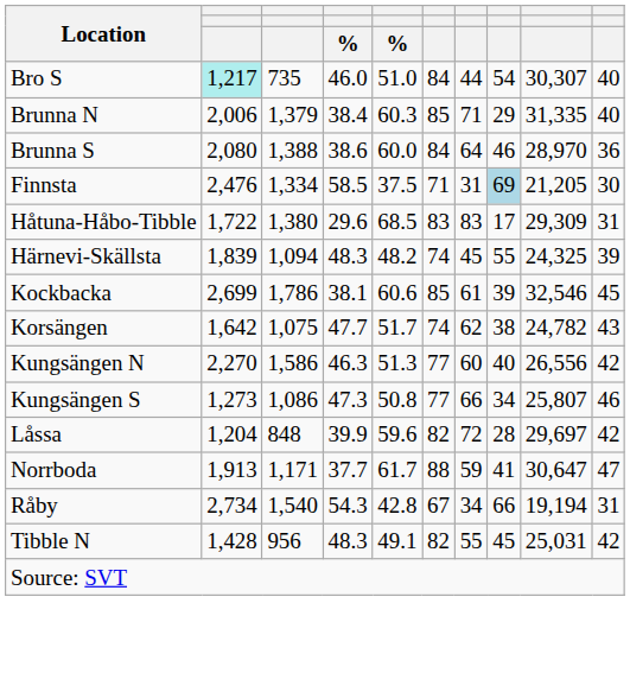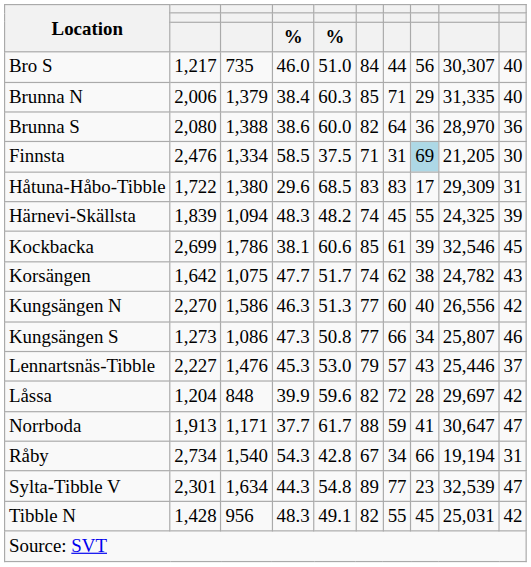 <table role="presentation" class="wikitable sortable mw-collapsible">
 <tr>
 <th rowspan="3">Location</th>
 <th></th>
 <th></th>
 <th></th>
 <th></th>
 <th></th>
 <th></th>
 <th></th>
 <th></th>
 <th></th>
 </tr>
 <tr>
 <th></th>
 <th></th>
 <th style="background:"></th>
 <th style="background:"></th>
 <th></th>
 <th></th>
 <th></th>
 <th></th>
 <th></th>
 </tr>
 <tr>
 <th data-sort-type="number"></th>
 <th data-sort-type="number"></th>
 <th data-sort-type="number">%</th>
 <th data-sort-type="number">%</th>
 <th data-sort-type="number"></th>
 <th data-sort-type="number"></th>
 <th data-sort-type="number"></th>
 <th data-sort-type="number"></th>
 <th data-sort-type="number"></th>
 </tr>
 <tr>
 <td align="left">Bro S</td>
-<td style="background: paleturquoise;">1,217</td>
+<td>1,217</td>
 <td>735</td>
 <td>46.0</td>
 <td>51.0</td>
 <td>84</td>
 <td>44</td>
-<td>54</td>
+<td>56</td>
 <td>30,307</td>
 <td>40</td>
 </tr>
 <tr>
 <td align="left">Brunna N</td>
 <td>2,006</td>
 <td>1,379</td>
 <td>38.4</td>
 <td>60.3</td>
 <td>85</td>
 <td>71</td>
 <td>29</td>
 <td>31,335</td>
 <td>40</td>
 </tr>
 <tr>
 <td align="left">Brunna S</td>
 <td>2,080</td>
 <td>1,388</td>
 <td>38.6</td>
 <td>60.0</td>
-<td>84</td>
+<td>82</td>
 <td>64</td>
-<td>46</td>
+<td>36</td>
 <td>28,970</td>
 <td>36</td>
 </tr>
 <tr>
 <td align="left">Finnsta</td>
 <td>2,476</td>
 <td>1,334</td>
 <td>58.5</td>
 <td>37.5</td>
 <td>71</td>
 <td>31</td>
 <td style="background: lightblue;">69</td>
 <td>21,205</td>
 <td>30</td>
 </tr>
 <tr>
 <td align="left">Håtuna-Håbo-Tibble</td>
 <td>1,722</td>
 <td>1,380</td>
 <td>29.6</td>
 <td>68.5</td>
 <td>83</td>
 <td>83</td>
 <td>17</td>
 <td>29,309</td>
 <td>31</td>
 </tr>
 <tr>
 <td align="left">Härnevi-Skällsta</td>
 <td>1,839</td>
 <td>1,094</td>
 <td>48.3</td>
 <td>48.2</td>
 <td>74</td>
 <td>45</td>
 <td>55</td>
 <td>24,325</td>
 <td>39</td>
 </tr>
 <tr>
 <td align="left">Kockbacka</td>
 <td>2,699</td>
 <td>1,786</td>
 <td>38.1</td>
 <td>60.6</td>
 <td>85</td>
 <td>61</td>
 <td>39</td>
 <td>32,546</td>
 <td>45</td>
 </tr>
 <tr>
 <td align="left">Korsängen</td>
 <td>1,642</td>
 <td>1,075</td>
 <td>47.7</td>
 <td>51.7</td>
 <td>74</td>
 <td>62</td>
 <td>38</td>
 <td>24,782</td>
 <td>43</td>
 </tr>
 <tr>
 <td align="left">Kungsängen N</td>
 <td>2,270</td>
 <td>1,586</td>
 <td>46.3</td>
 <td>51.3</td>
 <td>77</td>
 <td>60</td>
 <td>40</td>
 <td>26,556</td>
 <td>42</td>
 </tr>
 <tr>
 <td align="left">Kungsängen S</td>
 <td>1,273</td>
 <td>1,086</td>
 <td>47.3</td>
 <td>50.8</td>
 <td>77</td>
 <td>66</td>
 <td>34</td>
 <td>25,807</td>
 <td>46</td>
 </tr>
 <tr>
+<td align="left">Lennartsnäs-Tibble</td>
+<td>2,227</td>
+<td>1,476</td>
+<td>45.3</td>
+<td>53.0</td>
+<td>79</td>
+<td>57</td>
+<td>43</td>
+<td>25,446</td>
+<td>37</td>
+</tr>
+<tr>
 <td align="left">Låssa</td>
 <td>1,204</td>
 <td>848</td>
 <td>39.9</td>
 <td>59.6</td>
 <td>82</td>
 <td>72</td>
 <td>28</td>
 <td>29,697</td>
 <td>42</td>
 </tr>
 <tr>
 <td align="left">Norrboda</td>
 <td>1,913</td>
 <td>1,171</td>
 <td>37.7</td>
 <td>61.7</td>
 <td>88</td>
 <td>59</td>
 <td>41</td>
 <td>30,647</td>
 <td>47</td>
 </tr>
 <tr>
 <td align="left">Råby</td>
 <td>2,734</td>
 <td>1,540</td>
 <td>54.3</td>
 <td>42.8</td>
 <td>67</td>
 <td>34</td>
 <td>66</td>
 <td>19,194</td>
 <td>31</td>
 </tr>
 <tr>
+<td align="left">Sylta-Tibble V</td>
+<td>2,301</td>
+<td>1,634</td>
+<td>44.3</td>
+<td>54.8</td>
+<td>89</td>
+<td>77</td>
+<td>23</td>
+<td>32,539</td>
+<td>47</td>
+</tr>
+<tr>
 <td align="left">Tibble N</td>
 <td>1,428</td>
 <td>956</td>
 <td>48.3</td>
 <td>49.1</td>
 <td>82</td>
 <td>55</td>
 <td>45</td>
 <td>25,031</td>
 <td>42</td>
 </tr>
 <tr>
 <td colspan="10" align="left">Source: <a href='#'>SVT</a></td>
 </tr>
 </table>
